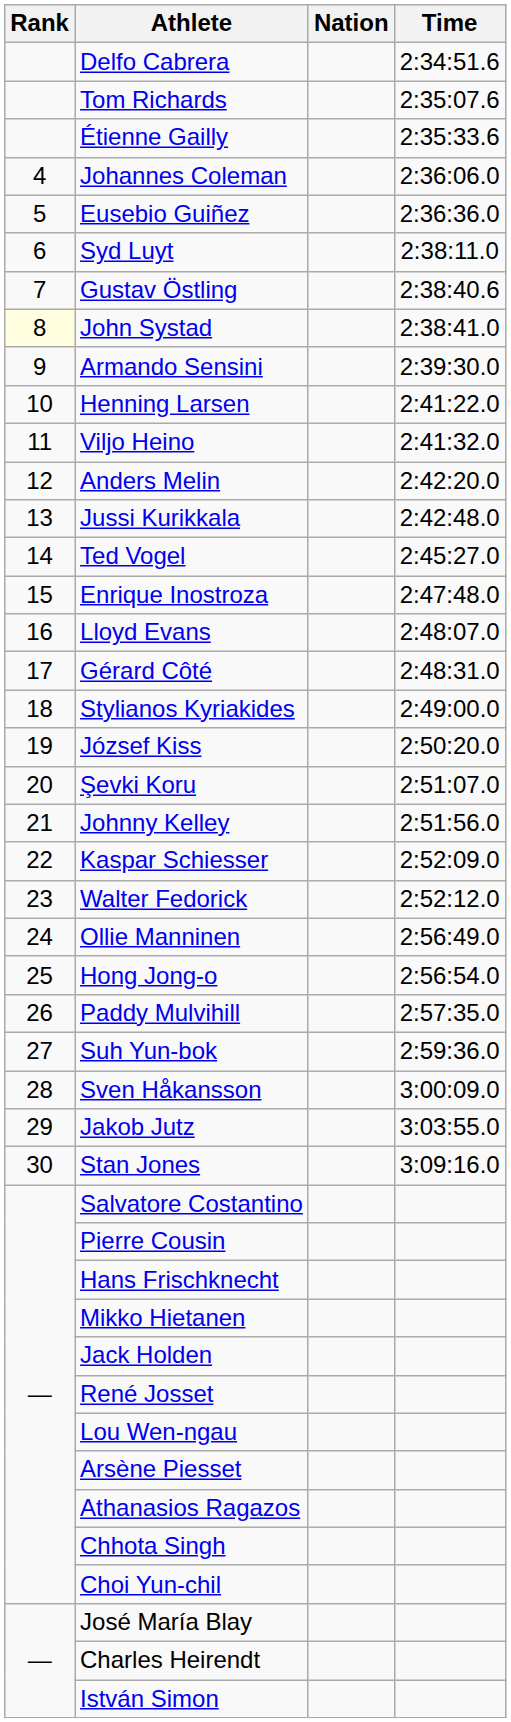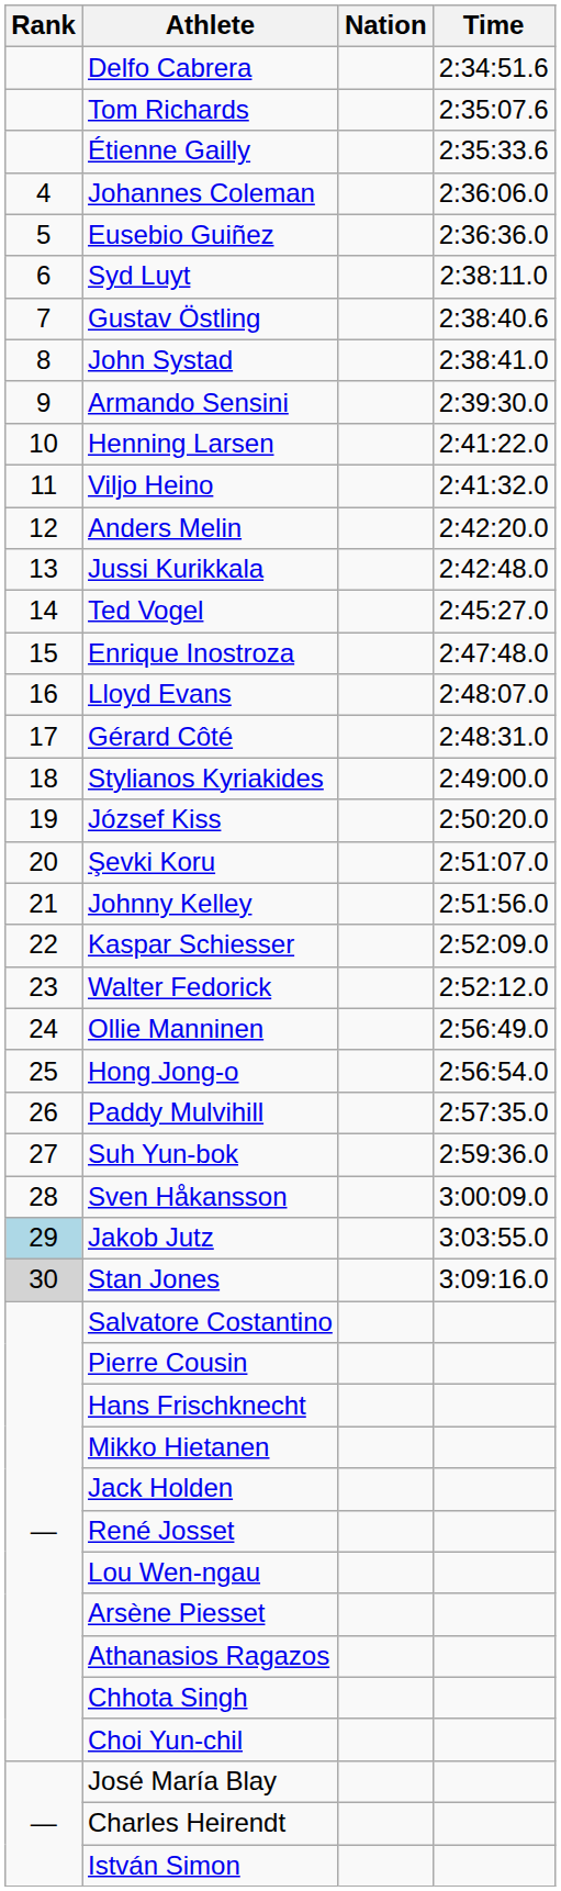 <table class="wikitable sortable" style="text-align:center">
 <tr>
 <th>Rank</th>
 <th>Athlete</th>
 <th>Nation</th>
 <th>Time</th>
 </tr>
 <tr>
 <td></td>
 <td align=left><a href='#'>Delfo Cabrera</a></td>
 <td align=left></td>
 <td>2:34:51.6</td>
 </tr>
 <tr>
 <td></td>
 <td align=left><a href='#'>Tom Richards</a></td>
 <td align=left></td>
 <td>2:35:07.6</td>
 </tr>
 <tr>
 <td></td>
 <td align=left><a href='#'>Étienne Gailly</a></td>
 <td align=left></td>
 <td>2:35:33.6</td>
 </tr>
 <tr>
 <td>4</td>
 <td align=left><a href='#'>Johannes Coleman</a></td>
 <td align=left></td>
 <td>2:36:06.0</td>
 </tr>
 <tr>
 <td>5</td>
 <td align=left><a href='#'>Eusebio Guiñez</a></td>
 <td align=left></td>
 <td>2:36:36.0</td>
 </tr>
 <tr>
 <td>6</td>
 <td align=left><a href='#'>Syd Luyt</a></td>
 <td align=left></td>
 <td>2:38:11.0</td>
 </tr>
 <tr>
 <td>7</td>
 <td align=left><a href='#'>Gustav Östling</a></td>
 <td align=left></td>
 <td>2:38:40.6</td>
 </tr>
 <tr>
-<td style="background: lightyellow;">8</td>
+<td>8</td>
 <td align=left><a href='#'>John Systad</a></td>
 <td align=left></td>
 <td>2:38:41.0</td>
 </tr>
 <tr>
 <td>9</td>
 <td align=left><a href='#'>Armando Sensini</a></td>
 <td align=left></td>
 <td>2:39:30.0</td>
 </tr>
 <tr>
 <td>10</td>
 <td align=left><a href='#'>Henning Larsen</a></td>
 <td align=left></td>
 <td>2:41:22.0</td>
 </tr>
 <tr>
 <td>11</td>
 <td align=left><a href='#'>Viljo Heino</a></td>
 <td align=left></td>
 <td>2:41:32.0</td>
 </tr>
 <tr>
 <td>12</td>
 <td align=left><a href='#'>Anders Melin</a></td>
 <td align=left></td>
 <td>2:42:20.0</td>
 </tr>
 <tr>
 <td>13</td>
 <td align=left><a href='#'>Jussi Kurikkala</a></td>
 <td align=left></td>
 <td>2:42:48.0</td>
 </tr>
 <tr>
 <td>14</td>
 <td align=left><a href='#'>Ted Vogel</a></td>
 <td align=left></td>
 <td>2:45:27.0</td>
 </tr>
 <tr>
 <td>15</td>
 <td align=left><a href='#'>Enrique Inostroza</a></td>
 <td align=left></td>
 <td>2:47:48.0</td>
 </tr>
 <tr>
 <td>16</td>
 <td align=left><a href='#'>Lloyd Evans</a></td>
 <td align=left></td>
 <td>2:48:07.0</td>
 </tr>
 <tr>
 <td>17</td>
 <td align=left><a href='#'>Gérard Côté</a></td>
 <td align=left></td>
 <td>2:48:31.0</td>
 </tr>
 <tr>
 <td>18</td>
 <td align=left><a href='#'>Stylianos Kyriakides</a></td>
 <td align=left></td>
 <td>2:49:00.0</td>
 </tr>
 <tr>
 <td>19</td>
 <td align=left><a href='#'>József Kiss</a></td>
 <td align=left></td>
 <td>2:50:20.0</td>
 </tr>
 <tr>
 <td>20</td>
 <td align=left><a href='#'>Şevki Koru</a></td>
 <td align=left></td>
 <td>2:51:07.0</td>
 </tr>
 <tr>
 <td>21</td>
 <td align=left><a href='#'>Johnny Kelley</a></td>
 <td align=left></td>
 <td>2:51:56.0</td>
 </tr>
 <tr>
 <td>22</td>
 <td align=left><a href='#'>Kaspar Schiesser</a></td>
 <td align=left></td>
 <td>2:52:09.0</td>
 </tr>
 <tr>
 <td>23</td>
 <td align=left><a href='#'>Walter Fedorick</a></td>
 <td align=left></td>
 <td>2:52:12.0</td>
 </tr>
 <tr>
 <td>24</td>
 <td align=left><a href='#'>Ollie Manninen</a></td>
 <td align=left></td>
 <td>2:56:49.0</td>
 </tr>
 <tr>
 <td>25</td>
 <td align=left><a href='#'>Hong Jong-o</a></td>
 <td align=left></td>
 <td>2:56:54.0</td>
 </tr>
 <tr>
 <td>26</td>
 <td align=left><a href='#'>Paddy Mulvihill</a></td>
 <td align=left></td>
 <td>2:57:35.0</td>
 </tr>
 <tr>
 <td>27</td>
 <td align=left><a href='#'>Suh Yun-bok</a></td>
 <td align=left></td>
 <td>2:59:36.0</td>
 </tr>
 <tr>
 <td>28</td>
 <td align=left><a href='#'>Sven Håkansson</a></td>
 <td align=left></td>
 <td>3:00:09.0</td>
 </tr>
 <tr>
-<td>29</td>
+<td style="background: lightblue;">29</td>
 <td align=left><a href='#'>Jakob Jutz</a></td>
 <td align=left></td>
 <td>3:03:55.0</td>
 </tr>
 <tr>
-<td>30</td>
+<td style="background: lightgrey;">30</td>
 <td align=left><a href='#'>Stan Jones</a></td>
 <td align=left></td>
 <td>3:09:16.0</td>
 </tr>
 <tr>
 <td rowspan=11 data-sort-value=31>—</td>
 <td align=left><a href='#'>Salvatore Costantino</a></td>
 <td align=left></td>
 <td data=sort=value=4:00:00.0></td>
 </tr>
 <tr>
 <td align=left><a href='#'>Pierre Cousin</a></td>
 <td align=left></td>
 <td data=sort=value=4:00:00.0></td>
 </tr>
 <tr>
 <td align=left><a href='#'>Hans Frischknecht</a></td>
 <td align=left></td>
 <td data=sort=value=4:00:00.0></td>
 </tr>
 <tr>
 <td align=left><a href='#'>Mikko Hietanen</a></td>
 <td align=left></td>
 <td data=sort=value=4:00:00.0></td>
 </tr>
 <tr>
 <td align=left><a href='#'>Jack Holden</a></td>
 <td align=left></td>
 <td data=sort=value=4:00:00.0></td>
 </tr>
 <tr>
 <td align=left><a href='#'>René Josset</a></td>
 <td align=left></td>
 <td data=sort=value=4:00:00.0></td>
 </tr>
 <tr>
 <td align=left><a href='#'>Lou Wen-ngau</a></td>
 <td align=left></td>
 <td data=sort=value=4:00:00.0></td>
 </tr>
 <tr>
 <td align=left><a href='#'>Arsène Piesset</a></td>
 <td align=left></td>
 <td data=sort=value=4:00:00.0></td>
 </tr>
 <tr>
 <td align=left><a href='#'>Athanasios Ragazos</a></td>
 <td align=left></td>
 <td data=sort=value=4:00:00.0></td>
 </tr>
 <tr>
 <td align=left><a href='#'>Chhota Singh</a></td>
 <td align=left></td>
 <td data=sort=value=4:00:00.0></td>
 </tr>
 <tr>
 <td align=left><a href='#'>Choi Yun-chil</a></td>
 <td align=left></td>
 <td data=sort=value=4:00:00.0></td>
 </tr>
 <tr>
 <td rowspan=3 data-sort-value=42>—</td>
 <td align=left>José María Blay</td>
 <td align=left></td>
 <td data=sort=value=9:99:99.9></td>
 </tr>
 <tr>
 <td align=left>Charles Heirendt</td>
 <td align=left></td>
 <td data=sort=value=9:99:99.9></td>
 </tr>
 <tr>
 <td align=left><a href='#'>István Simon</a></td>
 <td align=left></td>
 <td data=sort=value=9:99:99.9></td>
 </tr>
 </table>
